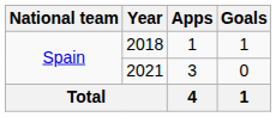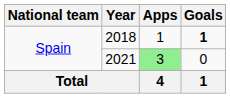 <table class="wikitable" style="text-align:center">
 <tr>
 <th>National team</th>
 <th>Year</th>
 <th>Apps</th>
 <th>Goals</th>
 </tr>
 <tr>
 <td rowspan="2"><a href='#'>Spain</a></td>
 <td>2018</td>
 <td>1</td>
-<td>1</td>
+<td><strong>1</strong></td>
 </tr>
 <tr>
 <td>2021</td>
-<td>3</td>
+<td style="background: lightgreen;">3</td>
 <td>0</td>
 </tr>
 <tr>
 <th colspan="2">Total</th>
 <th>4</th>
 <th>1</th>
 </tr>
 </table>
